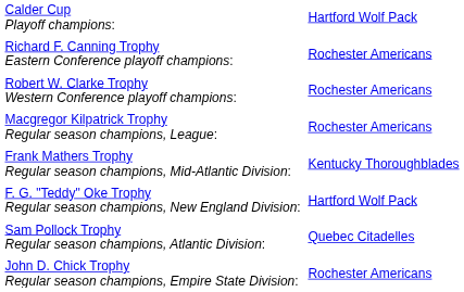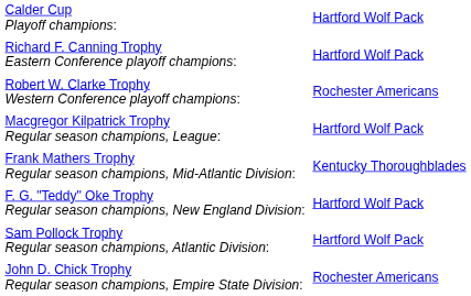 <table cellpadding="3" cellspacing="3">
 <tr>
 <td><a href='#'>Calder Cup</a><br><em>Playoff champions</em>:</td>
 <td><a href='#'>Hartford Wolf Pack</a></td>
 </tr>
 <tr>
 <td><a href='#'>Richard F. Canning Trophy</a><br><em>Eastern Conference playoff champions</em>:</td>
-<td><a href='#'>Rochester Americans</a></td>
+<td><a href='#'>Hartford Wolf Pack</a></td>
 </tr>
 <tr>
 <td><a href='#'>Robert W. Clarke Trophy</a><br><em>Western Conference playoff champions</em>:</td>
 <td><a href='#'>Rochester Americans</a></td>
 </tr>
 <tr>
 <td><a href='#'>Macgregor Kilpatrick Trophy</a><br><em>Regular season champions, League</em>:</td>
-<td><a href='#'>Rochester Americans</a></td>
+<td><a href='#'>Hartford Wolf Pack</a></td>
 </tr>
 <tr>
 <td><a href='#'>Frank Mathers Trophy</a><br><em>Regular season champions, Mid-Atlantic Division</em>:</td>
 <td><a href='#'>Kentucky Thoroughblades</a></td>
 </tr>
 <tr>
 <td><a href='#'>F. G. "Teddy" Oke Trophy</a><br><em>Regular season champions, New England Division</em>:</td>
 <td><a href='#'>Hartford Wolf Pack</a></td>
 </tr>
 <tr>
 <td><a href='#'>Sam Pollock Trophy</a><br><em>Regular season champions, Atlantic Division</em>:</td>
-<td><a href='#'>Quebec Citadelles</a></td>
+<td><a href='#'>Hartford Wolf Pack</a></td>
 </tr>
 <tr>
 <td><a href='#'>John D. Chick Trophy</a><br><em>Regular season champions, Empire State Division</em>:</td>
 <td><a href='#'>Rochester Americans</a></td>
 </tr>
 </table>
